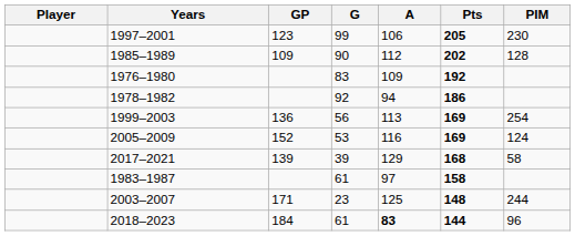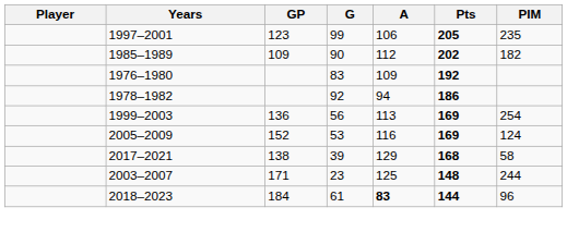 <table class="wikitable sortable" width ="700" cellpadding="1" border="1" cellspacing="0">
 <tr>
 <th>Player</th>
 <th>Years</th>
 <th>GP</th>
 <th>G</th>
 <th>A</th>
 <th>Pts</th>
 <th>PIM</th>
 </tr>
 <tr>
 <td></td>
 <td>1997–2001</td>
 <td>123</td>
 <td>99</td>
 <td>106</td>
 <td><strong>205</strong></td>
-<td>230</td>
+<td>235</td>
 </tr>
 <tr>
 <td></td>
 <td>1985–1989</td>
 <td>109</td>
 <td>90</td>
 <td>112</td>
 <td><strong>202</strong></td>
-<td>128</td>
+<td>182</td>
 </tr>
 <tr>
 <td></td>
 <td>1976–1980</td>
 <td></td>
 <td>83</td>
 <td>109</td>
 <td><strong>192</strong></td>
 <td></td>
 </tr>
 <tr>
 <td></td>
 <td>1978–1982</td>
 <td></td>
 <td>92</td>
 <td>94</td>
 <td><strong>186</strong></td>
 <td></td>
 </tr>
 <tr>
 <td></td>
 <td>1999–2003</td>
 <td>136</td>
 <td>56</td>
 <td>113</td>
 <td><strong>169</strong></td>
 <td>254</td>
 </tr>
 <tr>
 <td></td>
 <td>2005–2009</td>
 <td>152</td>
 <td>53</td>
 <td>116</td>
 <td><strong>169</strong></td>
 <td>124</td>
 </tr>
 <tr>
 <td></td>
 <td>2017–2021</td>
-<td>139</td>
+<td>138</td>
 <td>39</td>
 <td>129</td>
 <td><strong>168</strong></td>
 <td>58</td>
-</tr>
-<tr>
-<td></td>
-<td>1983–1987</td>
-<td></td>
-<td>61</td>
-<td>97</td>
-<td><strong>158</strong></td>
-<td></td>
 </tr>
 <tr>
 <td></td>
 <td>2003–2007</td>
 <td>171</td>
 <td>23</td>
 <td>125</td>
 <td><strong>148</strong></td>
 <td>244</td>
 </tr>
 <tr>
 <td></td>
 <td>2018–2023</td>
 <td>184</td>
 <td>61</td>
 <td><strong>83</strong></td>
 <td><strong>144</strong></td>
 <td>96</td>
 </tr>
 </table>
